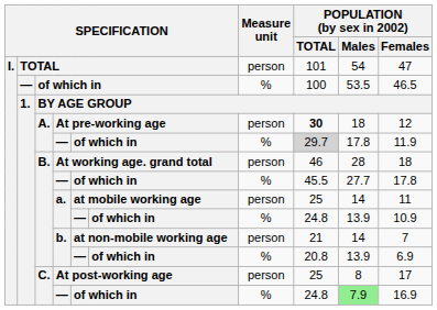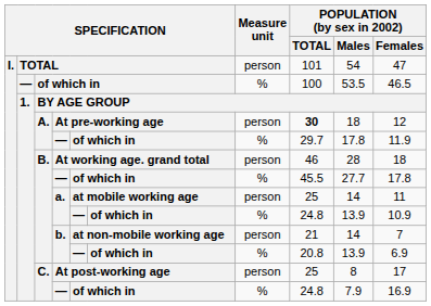 <table class="wikitable" style="font-size:85%; text-align:center">
 <tr>
 <th rowspan="2" colspan="6">SPECIFICATION</th>
 <th rowspan="2">Measure<br> unit</th>
 <th colspan="3" rowspan="1">POPULATION<br> (by sex in 2002)</th>
 </tr>
 <tr>
 <th>TOTAL</th>
 <th>Males</th>
 <th>Females</th>
 </tr>
 <tr>
 <th style="text-align:left" valign="top" rowspan="13">I.</th>
 <th style="text-align:left" colspan="5">TOTAL</th>
 <td>person</td>
 <td>101</td>
 <td>54</td>
 <td>47</td>
 </tr>
 <tr>
 <th style="text-align:left" valign="top">—</th>
 <th style="text-align:left" colspan="4">of which in</th>
 <td>%</td>
 <td>100</td>
 <td>53.5</td>
 <td>46.5</td>
 </tr>
 <tr>
 <th style="text-align:left" valign="top" rowspan="11">1.</th>
 <th style="text-align:left" colspan="19">BY AGE GROUP</th>
 </tr>
 <tr>
 <th style="text-align:left" valign="top" rowspan="2">A.</th>
 <th style="text-align:left" colspan="3">At pre-working age</th>
 <td>person</td>
 <td><strong>30</strong></td>
 <td>18</td>
 <td>12</td>
 </tr>
 <tr>
 <th style="text-align:left" valign="top">—</th>
 <th style="text-align:left" valign="top" colspan="2">of which in</th>
 <td>%</td>
-<td style="background: lightgrey;">29.7</td>
+<td>29.7</td>
 <td>17.8</td>
 <td>11.9</td>
 </tr>
 <tr>
 <th style="text-align:left" valign="top" rowspan="6">B.</th>
 <th style="text-align:left" colspan="3">At working age. grand total</th>
 <td>person</td>
 <td>46</td>
 <td>28</td>
 <td>18</td>
 </tr>
 <tr>
 <th style="text-align:left" valign="top">—</th>
 <th style="text-align:left" valign="top" colspan="2">of which in</th>
 <td>%</td>
 <td>45.5</td>
 <td>27.7</td>
 <td>17.8</td>
 </tr>
 <tr>
 <th style="text-align:left" valign="top" rowspan="2">a.</th>
 <th style="text-align:left" colspan="2">at mobile working age</th>
 <td>person</td>
 <td>25</td>
 <td>14</td>
 <td>11</td>
 </tr>
 <tr>
 <th style="text-align:left" valign="top">—</th>
 <th style="text-align:left" valign="top" colspan="1">of which in                        </th>
 <td>%</td>
 <td>24.8</td>
 <td>13.9</td>
 <td>10.9</td>
 </tr>
 <tr>
 <th style="text-align:left" valign="top" rowspan="2">b.</th>
 <th style="text-align:left" colspan="2">at non-mobile working age</th>
 <td>person</td>
 <td>21</td>
 <td>14</td>
 <td>7</td>
 </tr>
 <tr>
 <th style="text-align:left" valign="top">—</th>
 <th style="text-align:left" valign="top" colspan="1">of which in                        </th>
 <td>%</td>
 <td>20.8</td>
 <td>13.9</td>
 <td>6.9</td>
 </tr>
 <tr>
 <th style="text-align:left" valign="top" rowspan="2">C.</th>
 <th style="text-align:left" colspan="3">At post-working age</th>
 <td>person</td>
 <td>25</td>
 <td>8</td>
 <td>17</td>
 </tr>
 <tr>
 <th style="text-align:left" valign="top">—</th>
 <th style="text-align:left" valign="top" colspan="2">of which in</th>
 <td>%</td>
 <td>24.8</td>
-<td style="background: lightgreen;">7.9</td>
+<td>7.9</td>
 <td>16.9</td>
 </tr>
 </table>
